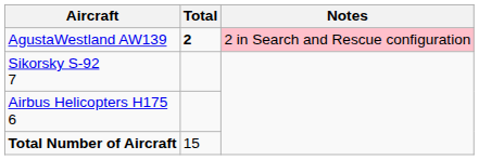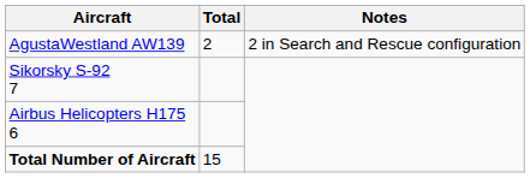 <table class="wikitable">
 <tr>
 <th>Aircraft</th>
 <th>Total</th>
 <th>Notes</th>
 </tr>
 <tr>
 <td><a href='#'>AgustaWestland AW139</a></td>
-<td><strong>2</strong></td>
-<td style="background: pink;">2 in Search and Rescue configuration</td>
+<td>2</td>
+<td>2 in Search and Rescue configuration</td>
 </tr>
 <tr>
 <td><a href='#'>Sikorsky S-92</a><br>7</td>
 <td></td>
 </tr>
 <tr>
 <td><a href='#'>Airbus Helicopters H175</a><br>6</td>
 <td></td>
 </tr>
 <tr>
 <td><strong>Total Number of Aircraft</strong></td>
 <td>15</td>
 </tr>
 </table>
